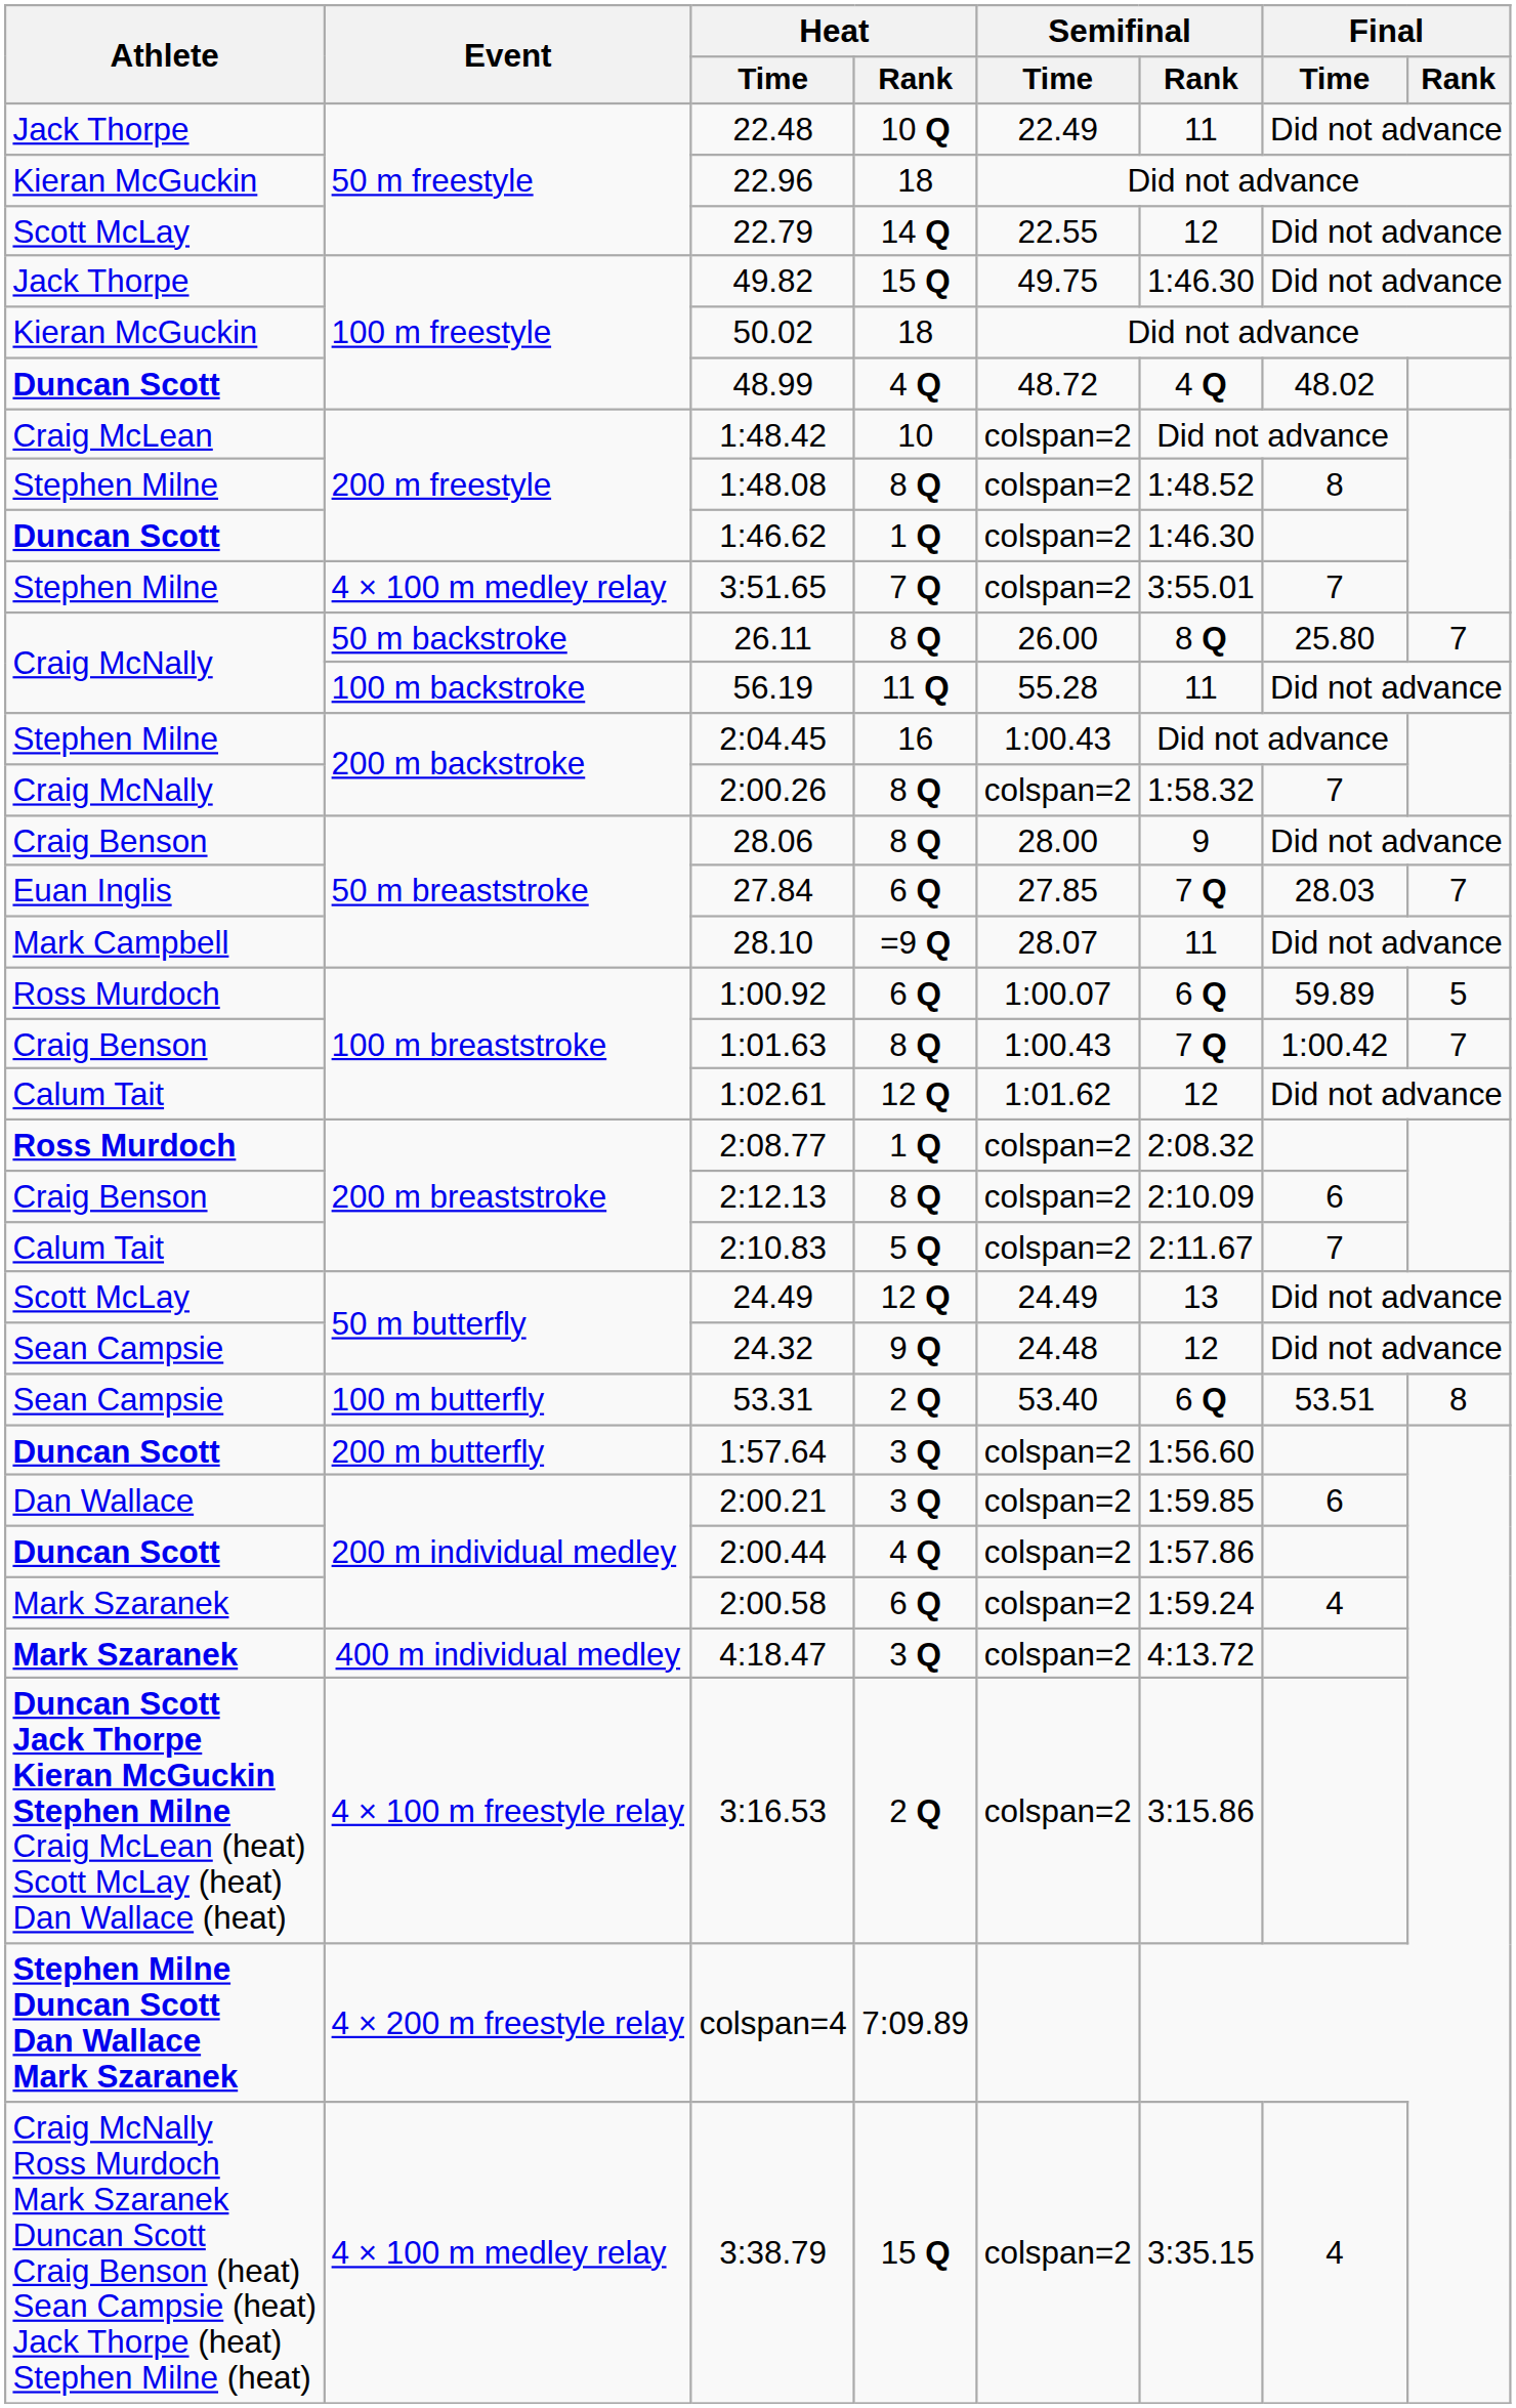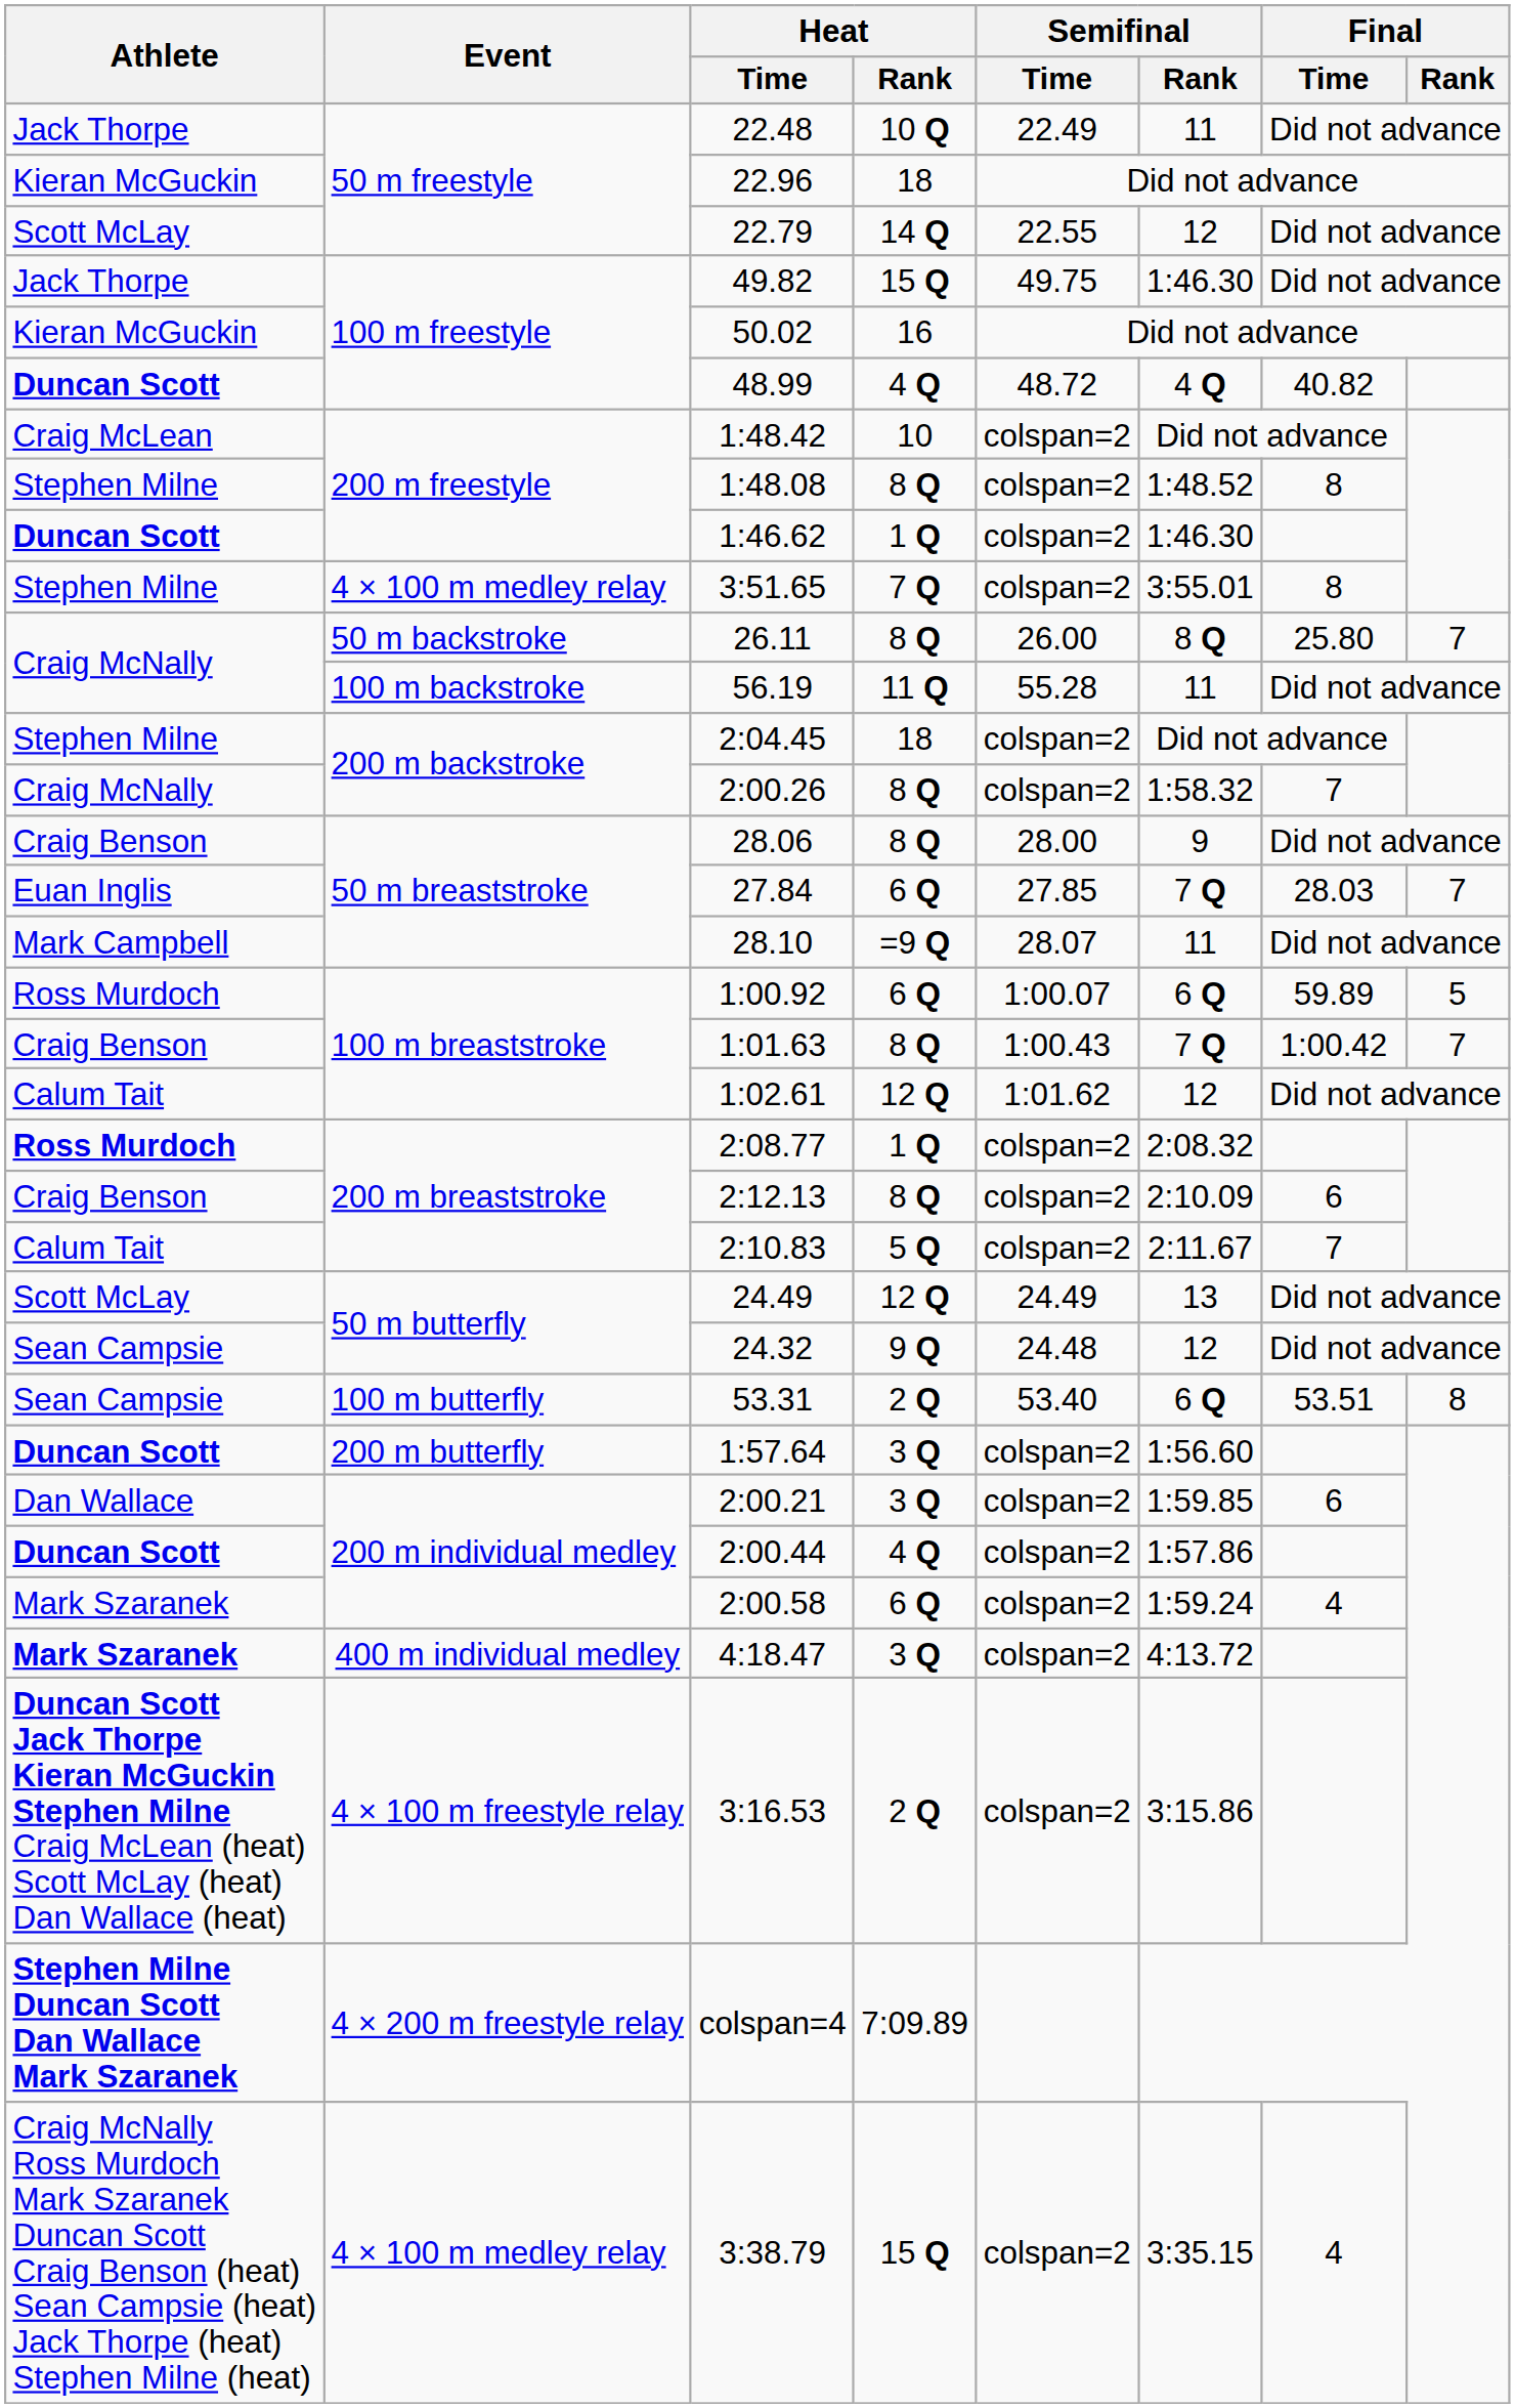 <table class=wikitable style=font-size:90%>
 <tr>
 <th rowspan=2>Athlete</th>
 <th rowspan=2>Event</th>
 <th colspan=2>Heat</th>
 <th colspan=2>Semifinal</th>
 <th colspan=2>Final</th>
 </tr>
 <tr style=font-size:95%>
 <th>Time</th>
 <th>Rank</th>
 <th>Time</th>
 <th>Rank</th>
 <th>Time</th>
 <th>Rank</th>
 </tr>
 <tr align=center>
 <td align=left><a href='#'>Jack Thorpe</a></td>
 <td style="text-align:left;" rowspan="3"><a href='#'>50 m freestyle</a></td>
 <td>22.48</td>
 <td>10 <strong>Q</strong></td>
 <td>22.49</td>
 <td>11</td>
 <td colspan=2>Did not advance</td>
 </tr>
 <tr align=center>
 <td align=left><a href='#'>Kieran McGuckin</a></td>
 <td>22.96</td>
 <td>18</td>
 <td colspan=4>Did not advance</td>
 </tr>
 <tr align=center>
 <td align=left><a href='#'>Scott McLay</a></td>
 <td>22.79</td>
 <td>14 <strong>Q</strong></td>
 <td>22.55</td>
 <td>12</td>
 <td colspan=2>Did not advance</td>
 </tr>
 <tr align=center>
 <td align=left><a href='#'>Jack Thorpe</a></td>
 <td style="text-align:left;" rowspan="3"><a href='#'>100 m freestyle</a></td>
 <td>49.82</td>
 <td>15 <strong>Q</strong></td>
 <td>49.75</td>
 <td>1:46.30</td>
 <td colspan=2>Did not advance</td>
 </tr>
 <tr align=center>
 <td align=left><a href='#'>Kieran McGuckin</a></td>
 <td>50.02</td>
-<td>18</td>
+<td>16</td>
 <td colspan=4>Did not advance</td>
 </tr>
 <tr align=center>
 <td align=left><strong><a href='#'>Duncan Scott</a></strong></td>
 <td>48.99</td>
 <td>4 <strong>Q</strong></td>
 <td>48.72</td>
 <td>4 <strong>Q</strong></td>
-<td>48.02</td>
+<td>40.82</td>
 <td></td>
 </tr>
 <tr align=center>
 <td align=left><a href='#'>Craig McLean</a></td>
 <td style="text-align:left;" rowspan="3"><a href='#'>200 m freestyle</a></td>
 <td>1:48.42</td>
 <td>10</td>
 <td>colspan=2 </td>
 <td colspan=2>Did not advance</td>
 </tr>
 <tr align=center>
 <td align=left><a href='#'>Stephen Milne</a></td>
 <td>1:48.08</td>
 <td>8 <strong>Q</strong></td>
 <td>colspan=2 </td>
 <td>1:48.52</td>
 <td>8</td>
 </tr>
 <tr align=center>
 <td align=left><strong><a href='#'>Duncan Scott</a></strong></td>
 <td>1:46.62</td>
 <td>1 <strong>Q</strong></td>
 <td>colspan=2 </td>
 <td>1:46.30</td>
 <td></td>
 </tr>
 <tr align=center>
 <td align=left><a href='#'>Stephen Milne</a></td>
 <td align=left><a href='#'>4 × 100 m medley relay</a></td>
 <td>3:51.65</td>
 <td>7 <strong>Q</strong></td>
 <td>colspan=2 </td>
 <td>3:55.01</td>
-<td>7</td>
+<td>8</td>
 </tr>
 <tr align=center>
 <td style="text-align:left;" rowspan="2"><a href='#'>Craig McNally</a></td>
 <td align=left><a href='#'>50 m backstroke</a></td>
 <td>26.11</td>
 <td>8 <strong>Q</strong></td>
 <td>26.00</td>
 <td>8 <strong>Q</strong></td>
 <td>25.80</td>
 <td>7</td>
 </tr>
 <tr align=center>
 <td align=left><a href='#'>100 m backstroke</a></td>
 <td>56.19</td>
 <td>11 <strong>Q</strong></td>
 <td>55.28</td>
 <td>11</td>
 <td colspan=2>Did not advance</td>
 </tr>
 <tr align=center>
 <td align=left><a href='#'>Stephen Milne</a></td>
 <td style="text-align:left;" rowspan="2"><a href='#'>200 m backstroke</a></td>
 <td>2:04.45</td>
-<td>16</td>
-<td>1:00.43</td>
+<td>18</td>
+<td>colspan=2 </td>
 <td colspan=2>Did not advance</td>
 </tr>
 <tr align=center>
 <td align=left><a href='#'>Craig McNally</a></td>
 <td>2:00.26</td>
 <td>8 <strong>Q</strong></td>
 <td>colspan=2 </td>
 <td>1:58.32</td>
 <td>7</td>
 </tr>
 <tr align=center>
 <td align=left><a href='#'>Craig Benson</a></td>
 <td style="text-align:left;" rowspan="3"><a href='#'>50 m breaststroke</a></td>
 <td>28.06</td>
 <td>8 <strong>Q</strong></td>
 <td>28.00</td>
 <td>9</td>
 <td colspan=2>Did not advance</td>
 </tr>
 <tr align=center>
 <td align=left><a href='#'>Euan Inglis</a></td>
 <td>27.84</td>
 <td>6 <strong>Q</strong></td>
 <td>27.85</td>
 <td>7 <strong>Q</strong></td>
 <td>28.03</td>
 <td>7</td>
 </tr>
 <tr align=center>
 <td align=left><a href='#'>Mark Campbell</a></td>
 <td>28.10</td>
 <td>=9 <strong>Q</strong></td>
 <td>28.07</td>
 <td>11</td>
 <td colspan=2>Did not advance</td>
 </tr>
 <tr align=center>
 <td align=left><a href='#'>Ross Murdoch</a></td>
 <td style="text-align:left;" rowspan="3"><a href='#'>100 m breaststroke</a></td>
 <td>1:00.92</td>
 <td>6 <strong>Q</strong></td>
 <td>1:00.07</td>
 <td>6 <strong>Q</strong></td>
 <td>59.89</td>
 <td>5</td>
 </tr>
 <tr align=center>
 <td align=left><a href='#'>Craig Benson</a></td>
 <td>1:01.63</td>
 <td>8 <strong>Q</strong></td>
 <td>1:00.43</td>
 <td>7 <strong>Q</strong></td>
 <td>1:00.42</td>
 <td>7</td>
 </tr>
 <tr align=center>
 <td align=left><a href='#'>Calum Tait</a></td>
 <td>1:02.61</td>
 <td>12 <strong>Q</strong></td>
 <td>1:01.62</td>
 <td>12</td>
 <td colspan=2>Did not advance</td>
 </tr>
 <tr align=center>
 <td align=left><strong><a href='#'>Ross Murdoch</a></strong></td>
 <td style="text-align:left;" rowspan="3"><a href='#'>200 m breaststroke</a></td>
 <td>2:08.77</td>
 <td>1 <strong>Q</strong></td>
 <td>colspan=2 </td>
 <td>2:08.32</td>
 <td></td>
 </tr>
 <tr align=center>
 <td align=left><a href='#'>Craig Benson</a></td>
 <td>2:12.13</td>
 <td>8 <strong>Q</strong></td>
 <td>colspan=2 </td>
 <td>2:10.09</td>
 <td>6</td>
 </tr>
 <tr align=center>
 <td align=left><a href='#'>Calum Tait</a></td>
 <td>2:10.83</td>
 <td>5 <strong>Q</strong></td>
 <td>colspan=2 </td>
 <td>2:11.67</td>
 <td>7</td>
 </tr>
 <tr align=center>
 <td align=left><a href='#'>Scott McLay</a></td>
 <td style="text-align:left;" rowspan="2"><a href='#'>50 m butterfly</a></td>
 <td>24.49</td>
 <td>12 <strong>Q</strong></td>
 <td>24.49</td>
 <td>13</td>
 <td colspan=2>Did not advance</td>
 </tr>
 <tr align=center>
 <td align=left><a href='#'>Sean Campsie</a></td>
 <td>24.32</td>
 <td>9 <strong>Q</strong></td>
 <td>24.48</td>
 <td>12</td>
 <td colspan=2>Did not advance</td>
 </tr>
 <tr align=center>
 <td align=left><a href='#'>Sean Campsie</a></td>
 <td align=left><a href='#'>100 m butterfly</a></td>
 <td>53.31</td>
 <td>2 <strong>Q</strong></td>
 <td>53.40</td>
 <td>6 <strong>Q</strong></td>
 <td>53.51</td>
 <td>8</td>
 </tr>
 <tr align=center>
 <td align=left><strong><a href='#'>Duncan Scott</a></strong></td>
 <td align=left><a href='#'>200 m butterfly</a></td>
 <td>1:57.64</td>
 <td>3 <strong>Q</strong></td>
 <td>colspan=2 </td>
 <td>1:56.60</td>
 <td></td>
 </tr>
 <tr align=center>
 <td align=left><a href='#'>Dan Wallace</a></td>
 <td style="text-align:left;" rowspan="3"><a href='#'>200 m individual medley</a></td>
 <td>2:00.21</td>
 <td>3 <strong>Q</strong></td>
 <td>colspan=2 </td>
 <td>1:59.85</td>
 <td>6</td>
 </tr>
 <tr align=center>
 <td align=left><strong><a href='#'>Duncan Scott</a></strong></td>
 <td>2:00.44</td>
 <td>4 <strong>Q</strong></td>
 <td>colspan=2 </td>
 <td>1:57.86</td>
 <td></td>
 </tr>
 <tr align=center>
 <td align=left><a href='#'>Mark Szaranek</a></td>
 <td>2:00.58</td>
 <td>6 <strong>Q</strong></td>
 <td>colspan=2 </td>
 <td>1:59.24</td>
 <td>4</td>
 </tr>
 <tr align=center>
 <td align=left><strong><a href='#'>Mark Szaranek</a></strong></td>
 <td><a href='#'>400 m individual medley</a></td>
 <td>4:18.47</td>
 <td>3 <strong>Q</strong></td>
 <td>colspan=2 </td>
 <td>4:13.72</td>
 <td></td>
 </tr>
 <tr align=center>
 <td align=left><strong><a href='#'>Duncan Scott</a><br><a href='#'>Jack Thorpe</a><br><a href='#'>Kieran McGuckin</a><br><a href='#'>Stephen Milne</a></strong><br><a href='#'>Craig McLean</a> (heat)<br><a href='#'>Scott McLay</a> (heat)<br><a href='#'>Dan Wallace</a> (heat)</td>
 <td align=left><a href='#'>4 × 100 m freestyle relay</a></td>
 <td>3:16.53</td>
 <td>2 <strong>Q</strong></td>
 <td>colspan=2 </td>
 <td>3:15.86</td>
 <td></td>
 </tr>
 <tr align=center>
 <td align=left><strong><a href='#'>Stephen Milne</a><br><a href='#'>Duncan Scott</a><br><a href='#'>Dan Wallace</a><br><a href='#'>Mark Szaranek</a></strong></td>
 <td align=left><a href='#'>4 × 200 m freestyle relay</a></td>
 <td>colspan=4 </td>
 <td>7:09.89</td>
 <td></td>
 </tr>
 <tr align=center>
 <td align=left><a href='#'>Craig McNally</a><br><a href='#'>Ross Murdoch</a><br><a href='#'>Mark Szaranek</a><br><a href='#'>Duncan Scott</a><br><a href='#'>Craig Benson</a> (heat)<br><a href='#'>Sean Campsie</a> (heat)<br><a href='#'>Jack Thorpe</a> (heat)<br><a href='#'>Stephen Milne</a> (heat)</td>
 <td align=left><a href='#'>4 × 100 m medley relay</a></td>
 <td>3:38.79</td>
 <td>15 <strong>Q</strong></td>
 <td>colspan=2 </td>
 <td>3:35.15</td>
 <td>4</td>
 </tr>
 </table>
